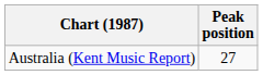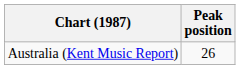 <table class="wikitable">
 <tr>
 <th scope="col">Chart (1987)</th>
 <th>Peak<br>position</th>
 </tr>
 <tr>
 <td>Australia (<a href='#'>Kent Music Report</a>)</td>
-<td style="text-align:center;">27</td>
+<td style="text-align:center;">26</td>
 </tr>
 </table>
